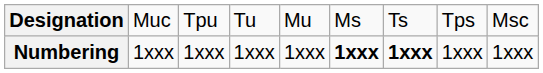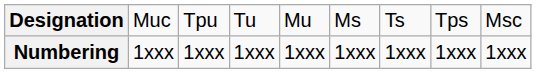 <table class="wikitable">
 <tr>
 <th>Designation</th>
 <td>Muc</td>
 <td>Tpu</td>
 <td>Tu</td>
 <td>Mu</td>
 <td>Ms</td>
 <td>Ts</td>
 <td>Tps</td>
 <td>Msc</td>
 </tr>
 <tr>
 <th>Numbering</th>
 <td>1xxx</td>
 <td>1xxx</td>
 <td>1xxx</td>
 <td>1xxx</td>
-<td><strong>1xxx</strong></td>
-<td><strong>1xxx</strong></td>
+<td>1xxx</td>
+<td>1xxx</td>
 <td>1xxx</td>
 <td>1xxx</td>
 </tr>
 </table>
